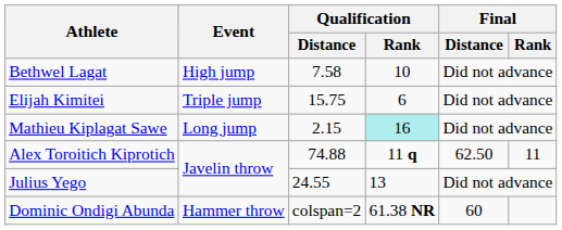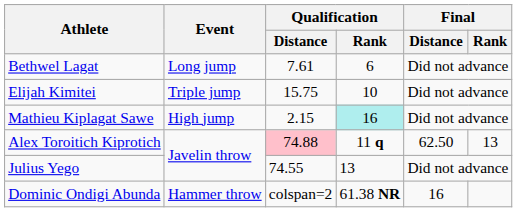 <table class="wikitable" style="font-size:90%">
 <tr>
 <th rowspan=2>Athlete</th>
 <th rowspan=2>Event</th>
 <th colspan=2>Qualification</th>
 <th colspan=2>Final</th>
 </tr>
 <tr style="font-size:95%">
 <th>Distance</th>
 <th>Rank</th>
 <th>Distance</th>
 <th>Rank</th>
 </tr>
 <tr align=center>
 <td align=left><a href='#'>Bethwel Lagat</a></td>
-<td style="text-align:left;"><a href='#'>High jump</a></td>
-<td>7.58</td>
-<td>10</td>
+<td style="text-align:left;"><a href='#'>Long jump</a></td>
+<td>7.61</td>
+<td>6</td>
 <td colspan=2>Did not advance</td>
 </tr>
 <tr align=center>
 <td align=left><a href='#'>Elijah Kimitei</a></td>
 <td style="text-align:left;"><a href='#'>Triple jump</a></td>
 <td>15.75</td>
-<td>6</td>
+<td>10</td>
 <td colspan=2>Did not advance</td>
 </tr>
 <tr align=center>
 <td align=left><a href='#'>Mathieu Kiplagat Sawe</a></td>
-<td style="text-align:left;"><a href='#'>Long jump</a></td>
+<td style="text-align:left;"><a href='#'>High jump</a></td>
 <td>2.15</td>
 <td style="background: paleturquoise;">16</td>
 <td colspan=2>Did not advance</td>
 </tr>
 <tr align=center>
 <td align=left><a href='#'>Alex Toroitich Kiprotich</a></td>
 <td style="text-align:left;" rowspan=2><a href='#'>Javelin throw</a></td>
-<td>74.88</td>
+<td style="background: pink;">74.88</td>
 <td>11 <strong>q</strong></td>
 <td>62.50</td>
-<td>11</td>
+<td>13</td>
 </tr>
 <tr>
 <td align=left><a href='#'>Julius Yego</a></td>
-<td>24.55</td>
+<td>74.55</td>
 <td>13</td>
 <td colspan=2>Did not advance</td>
 </tr>
 <tr align=center>
 <td align=left><a href='#'>Dominic Ondigi Abunda</a></td>
 <td style="text-align:left;"><a href='#'>Hammer throw</a></td>
 <td>colspan=2</td>
 <td>61.38 <strong>NR</strong></td>
-<td>60</td>
+<td>16</td>
 </tr>
 </table>
